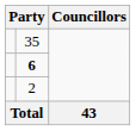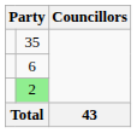 <table class="wikitable">
 <tr>
 <th colspan=2>Party</th>
 <th>Councillors</th>
 </tr>
 <tr>
 <td></td>
 <td align=center>35</td>
 </tr>
 <tr>
 <td></td>
-<td align=center><strong>6</strong></td>
+<td align=center>6</td>
 </tr>
 <tr>
 <td></td>
-<td align=center>2</td>
+<td align=center style="background: lightgreen;">2</td>
 </tr>
 <tr>
 <th colspan=2>Total</th>
 <th align=center>43</th>
 </tr>
 </table>
